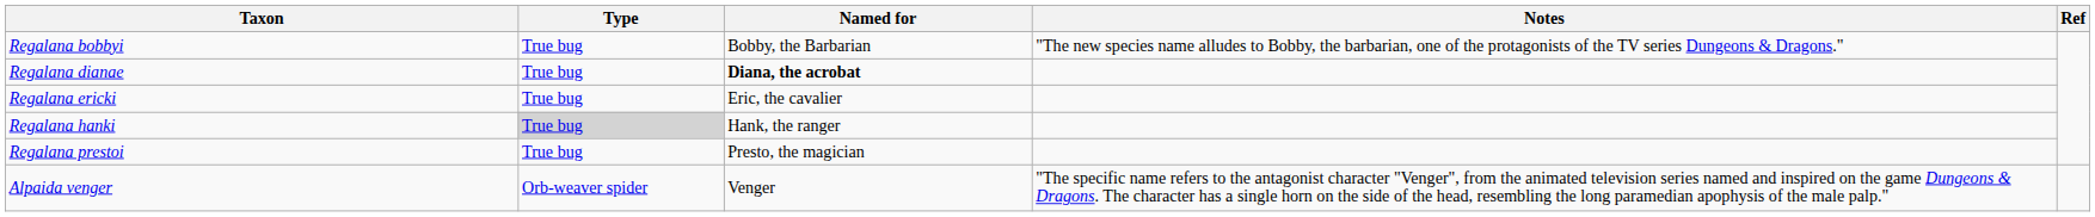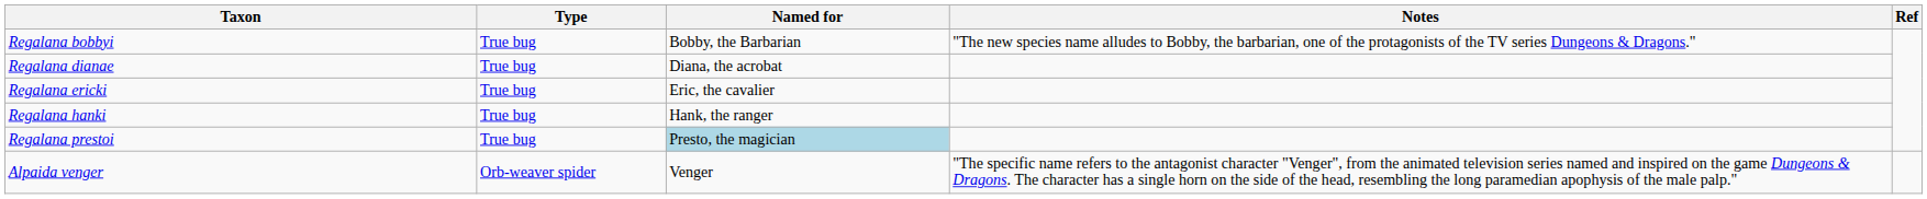 <table class="wikitable sortable" width="100%">
 <tr>
 <th style="width:25%;">Taxon</th>
 <th style="width:10%;">Type</th>
 <th style="width:15%;">Named for</th>
 <th style="width:50%;">Notes</th>
 <th class="unsortable">Ref</th>
 </tr>
 <tr>
 <td><a href='#'><em>Regalana bobbyi</em></a> </td>
 <td><a href='#'>True bug</a></td>
 <td>Bobby, the Barbarian</td>
 <td>"The new species name alludes to Bobby, the barbarian, one of the protagonists of the TV series <a href='#'>Dungeons & Dragons</a>."</td>
 <td rowspan="5"></td>
 </tr>
 <tr>
 <td><a href='#'><em>Regalana dianae</em></a> </td>
 <td><a href='#'>True bug</a></td>
-<td><strong>Diana, the acrobat</strong></td>
+<td>Diana, the acrobat</td>
 <td></td>
 </tr>
 <tr>
 <td><a href='#'><em>Regalana ericki</em></a> </td>
 <td><a href='#'>True bug</a></td>
 <td>Eric, the cavalier</td>
 <td></td>
 </tr>
 <tr>
 <td><a href='#'><em>Regalana hanki</em></a> </td>
-<td style="background: lightgrey;"><a href='#'>True bug</a></td>
+<td><a href='#'>True bug</a></td>
 <td>Hank, the ranger</td>
 <td></td>
 </tr>
 <tr>
 <td><a href='#'><em>Regalana prestoi</em></a> </td>
 <td><a href='#'>True bug</a></td>
-<td>Presto, the magician</td>
+<td style="background: lightblue;">Presto, the magician</td>
 <td></td>
 </tr>
 <tr>
 <td><em><a href='#'>Alpaida venger</a></em> </td>
 <td><a href='#'>Orb-weaver spider</a></td>
 <td>Venger</td>
 <td>"The specific name refers to the antagonist character "Venger", from the animated television series named and inspired on the game <em><a href='#'>Dungeons & Dragons</a></em>. The character has a single horn on the side of the head, resembling the long paramedian apophysis of the male palp."</td>
 <td></td>
 </tr>
 </table>
